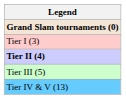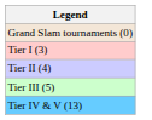 <table class=wikitable style="font-size:90%">
 <tr>
 <th>Legend</th>
 </tr>
 <tr style="background:#f3e6d7;">
-<td><strong>Grand Slam tournaments (0)</strong></td>
+<td>Grand Slam tournaments (0)</td>
 </tr>
 <tr style="background:#ffcccc;">
 <td>Tier I (3)</td>
 </tr>
 <tr style="background:#ccccff;">
-<td><strong>Tier II (4)</strong></td>
+<td>Tier II (4)</td>
 </tr>
 <tr style="background:#ccffcc;">
 <td>Tier III (5)</td>
 </tr>
 <tr style="background:#66ccff;">
 <td>Tier IV & V (13)</td>
 </tr>
 </table>
